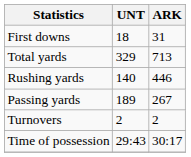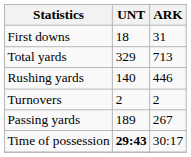 <table class="wikitable">
 <tr>
 <th>Statistics</th>
 <th>UNT</th>
 <th>ARK</th>
 </tr>
 <tr>
 <td>First downs</td>
 <td>18</td>
 <td>31</td>
 </tr>
 <tr>
 <td>Total yards</td>
 <td>329</td>
 <td>713</td>
 </tr>
 <tr>
 <td>Rushing yards</td>
 <td>140</td>
 <td>446</td>
 </tr>
 <tr>
+<td>Turnovers</td>
+<td>2</td>
+<td>2</td>
+</tr>
+<tr>
 <td>Passing yards</td>
 <td>189</td>
 <td>267</td>
 </tr>
 <tr>
-<td>Turnovers</td>
-<td>2</td>
-<td>2</td>
-</tr>
-<tr>
 <td>Time of possession</td>
-<td>29:43</td>
+<td><strong>29:43</strong></td>
 <td>30:17</td>
 </tr>
 <tr>
 </tr>
 </table>
